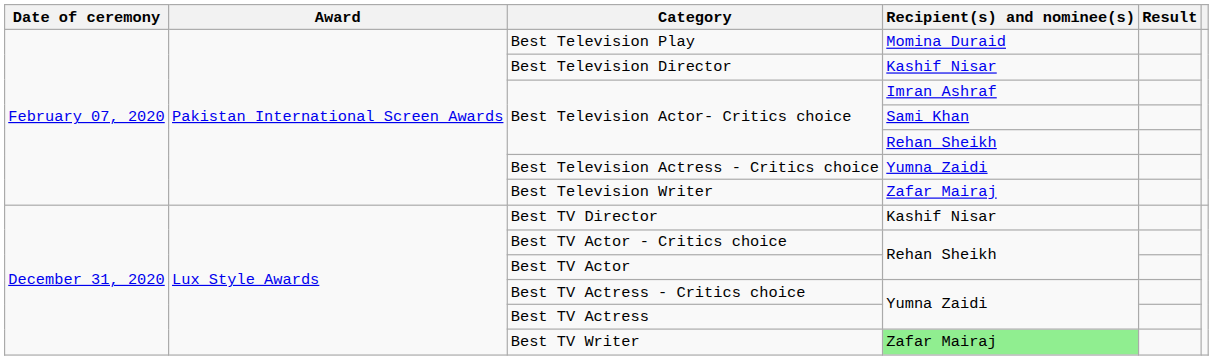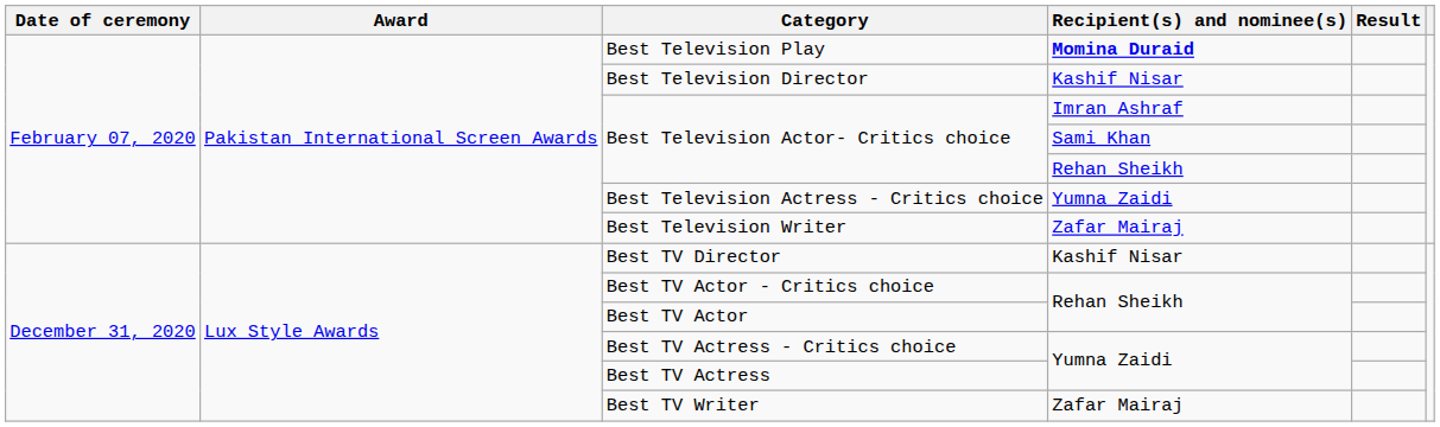 <table class="wikitable sortable">
 <tr>
 <th>Date of ceremony</th>
 <th>Award</th>
 <th>Category</th>
 <th>Recipient(s) and nominee(s)</th>
 <th scope="col" class="unsortable">Result</th>
 <th scope="col" class="unsortable"></th>
 </tr>
 <tr>
 <td Rowspan="7"><a href='#'>February 07, 2020</a></td>
 <td rowspan="7"><a href='#'>Pakistan International Screen Awards</a></td>
 <td>Best Television Play</td>
-<td><a href='#'>Momina Duraid</a></td>
+<td><strong><a href='#'>Momina Duraid</a></strong></td>
 <td></td>
 <td rowspan="7"></td>
 </tr>
 <tr>
 <td>Best Television Director</td>
 <td><a href='#'>Kashif Nisar</a></td>
 <td></td>
 </tr>
 <tr>
 <td rowspan=3>Best Television Actor- Critics choice</td>
 <td><a href='#'>Imran Ashraf</a></td>
 <td></td>
 </tr>
 <tr>
 <td><a href='#'>Sami Khan</a></td>
 <td></td>
 </tr>
 <tr>
 <td><a href='#'>Rehan Sheikh</a></td>
 <td></td>
 </tr>
 <tr>
 <td>Best Television Actress - Critics choice</td>
 <td><a href='#'>Yumna Zaidi</a></td>
 <td></td>
 </tr>
 <tr>
 <td>Best Television Writer</td>
 <td><a href='#'>Zafar Mairaj</a></td>
 <td></td>
 </tr>
 <tr>
 <td Rowspan="6"><a href='#'>December 31, 2020</a></td>
 <td rowspan="6"><a href='#'>Lux Style Awards</a></td>
 <td>Best TV Director</td>
 <td>Kashif Nisar</td>
 <td></td>
 <td rowspan="6"></td>
 </tr>
 <tr>
 <td>Best TV Actor - Critics choice</td>
 <td Rowspan="2">Rehan Sheikh</td>
 <td></td>
 </tr>
 <tr>
 <td>Best TV Actor</td>
 <td></td>
 </tr>
 <tr>
 <td>Best TV Actress - Critics choice</td>
 <td Rowspan="2">Yumna Zaidi</td>
 <td></td>
 </tr>
 <tr>
 <td>Best TV Actress</td>
 <td></td>
 </tr>
 <tr>
 <td>Best TV Writer</td>
-<td style="background: lightgreen;">Zafar Mairaj</td>
+<td>Zafar Mairaj</td>
 <td></td>
 </tr>
 </table>
